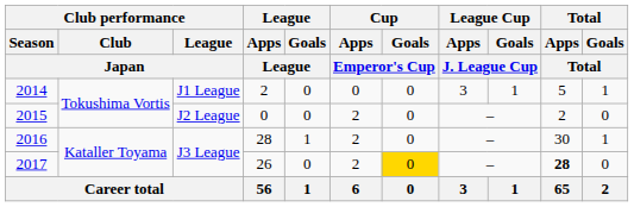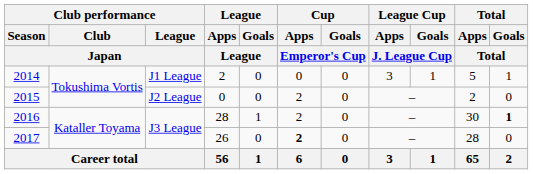 <table class="wikitable" style="text-align:center">
 <tr>
 <th colspan=3>Club performance</th>
 <th colspan=2>League</th>
 <th colspan=2>Cup</th>
 <th colspan=2>League Cup</th>
 <th colspan=2>Total</th>
 </tr>
 <tr>
 <th>Season</th>
 <th>Club</th>
 <th>League</th>
 <th>Apps</th>
 <th>Goals</th>
 <th>Apps</th>
 <th>Goals</th>
 <th>Apps</th>
 <th>Goals</th>
 <th>Apps</th>
 <th>Goals</th>
 </tr>
 <tr>
 <th colspan=3>Japan</th>
 <th colspan=2>League</th>
 <th colspan=2><a href='#'>Emperor's Cup</a></th>
 <th colspan=2><a href='#'>J. League Cup</a></th>
 <th colspan=2>Total</th>
 </tr>
 <tr>
 <td><a href='#'>2014</a></td>
 <td rowspan="2"><a href='#'>Tokushima Vortis</a></td>
 <td><a href='#'>J1 League</a></td>
 <td>2</td>
 <td>0</td>
 <td>0</td>
 <td>0</td>
 <td>3</td>
 <td>1</td>
 <td>5</td>
 <td>1</td>
 </tr>
 <tr>
 <td><a href='#'>2015</a></td>
 <td><a href='#'>J2 League</a></td>
 <td>0</td>
 <td>0</td>
 <td>2</td>
 <td>0</td>
 <td colspan="2">–</td>
 <td>2</td>
 <td>0</td>
 </tr>
 <tr>
 <td><a href='#'>2016</a></td>
 <td rowspan="2"><a href='#'>Kataller Toyama</a></td>
 <td rowspan="2"><a href='#'>J3 League</a></td>
 <td>28</td>
 <td>1</td>
 <td>2</td>
 <td>0</td>
 <td colspan="2">–</td>
 <td>30</td>
-<td>1</td>
+<td><strong>1</strong></td>
 </tr>
 <tr>
 <td><a href='#'>2017</a></td>
 <td>26</td>
 <td>0</td>
-<td>2</td>
-<td style="background: gold;">0</td>
+<td><strong>2</strong></td>
+<td>0</td>
 <td colspan="2">–</td>
-<td><strong>28</strong></td>
+<td>28</td>
 <td>0</td>
 </tr>
 <tr>
 <th colspan=3>Career total</th>
 <th>56</th>
 <th>1</th>
 <th>6</th>
 <th>0</th>
 <th>3</th>
 <th>1</th>
 <th>65</th>
 <th>2</th>
 </tr>
 </table>
